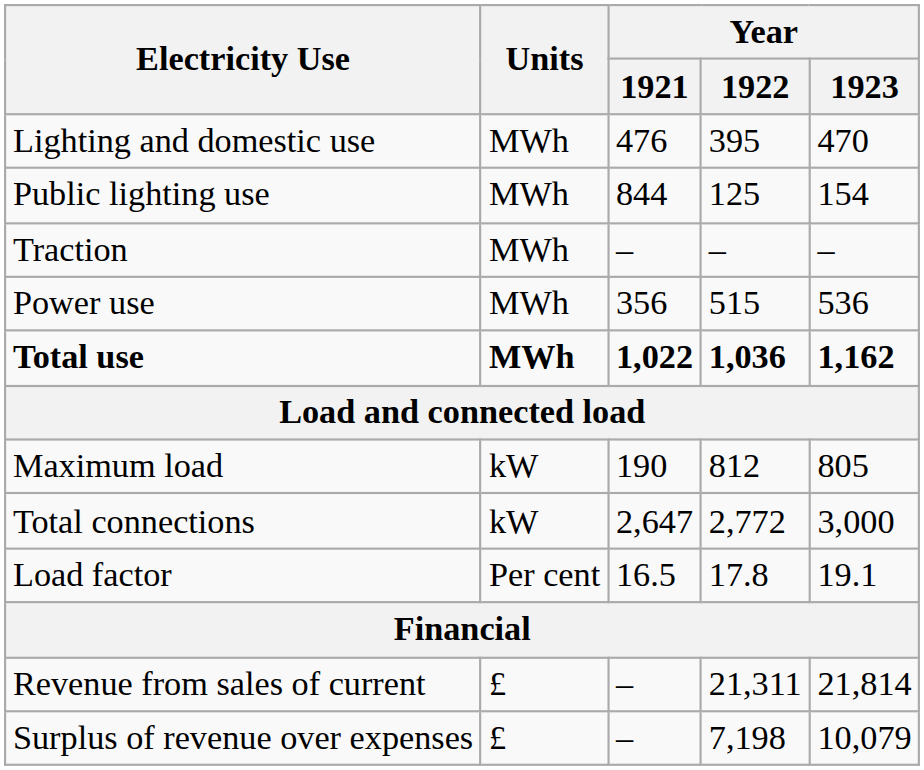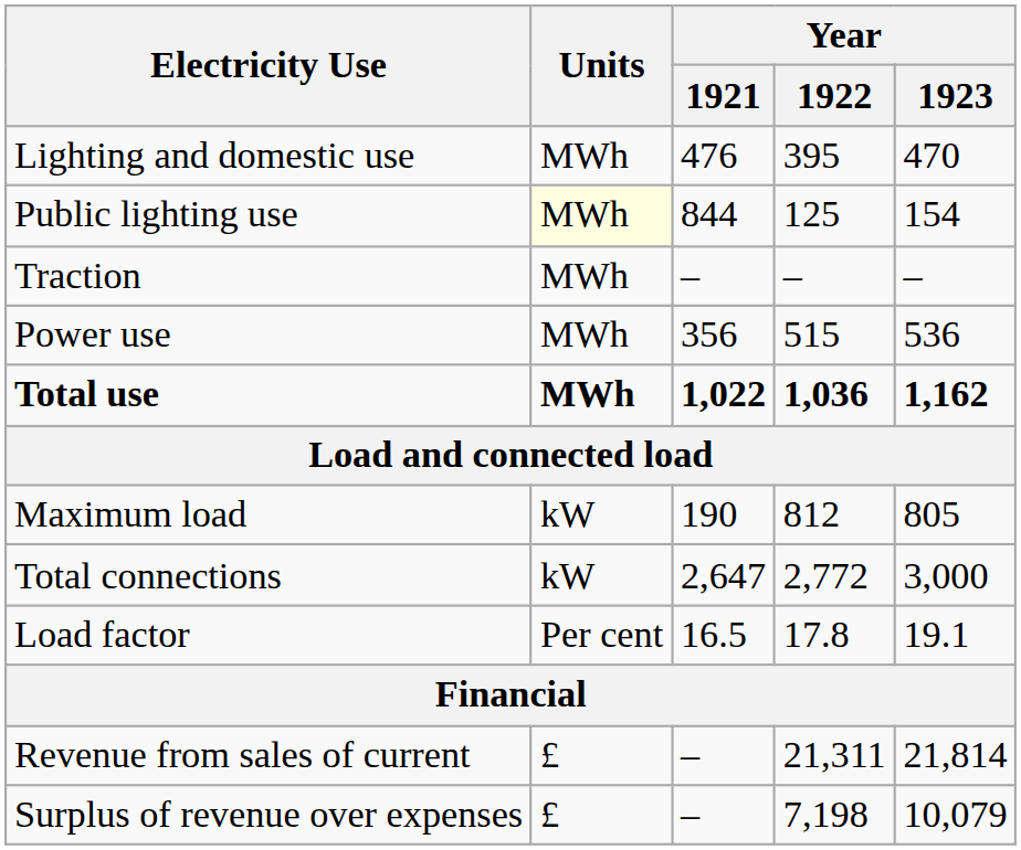 <table class="wikitable">
 <tr>
 <th rowspan="2">Electricity  Use</th>
 <th rowspan="2">Units</th>
 <th colspan="3">Year</th>
 </tr>
 <tr>
 <th>1921</th>
 <th>1922</th>
 <th>1923</th>
 </tr>
 <tr>
 <td>Lighting  and domestic use</td>
 <td>MWh</td>
 <td>476</td>
 <td>395</td>
 <td>470</td>
 </tr>
 <tr>
 <td>Public  lighting use</td>
-<td>MWh</td>
+<td style="background: lightyellow;">MWh</td>
 <td>844</td>
 <td>125</td>
 <td>154</td>
 </tr>
 <tr>
 <td>Traction</td>
 <td>MWh</td>
 <td>–</td>
 <td>–</td>
 <td>–</td>
 </tr>
 <tr>
 <td>Power  use</td>
 <td>MWh</td>
 <td>356</td>
 <td>515</td>
 <td>536</td>
 </tr>
 <tr>
 <td><strong>Total  use</strong></td>
 <td><strong>MWh</strong></td>
 <td><strong>1,022</strong></td>
 <td><strong>1,036</strong></td>
 <td><strong>1,162</strong></td>
 </tr>
 <tr>
 <th colspan="5">Load  and connected load</th>
 </tr>
 <tr>
 <td>Maximum  load</td>
 <td>kW</td>
 <td>190</td>
 <td>812</td>
 <td>805</td>
 </tr>
 <tr>
 <td>Total  connections</td>
 <td>kW</td>
 <td>2,647</td>
 <td>2,772</td>
 <td>3,000</td>
 </tr>
 <tr>
 <td>Load  factor</td>
 <td>Per  cent</td>
 <td>16.5</td>
 <td>17.8</td>
 <td>19.1</td>
 </tr>
 <tr>
 <th colspan="5">Financial</th>
 </tr>
 <tr>
 <td>Revenue  from sales of current</td>
 <td>£</td>
 <td>–</td>
 <td>21,311</td>
 <td>21,814</td>
 </tr>
 <tr>
 <td>Surplus  of revenue over expenses</td>
 <td>£</td>
 <td>–</td>
 <td>7,198</td>
 <td>10,079</td>
 </tr>
 </table>
